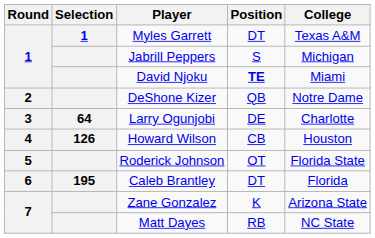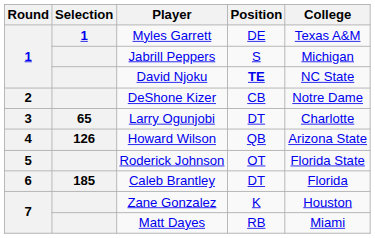 <table class="wikitable" style="text-align:center">
 <tr>
 <th>Round</th>
 <th>Selection</th>
 <th>Player</th>
 <th>Position</th>
 <th>College</th>
 </tr>
 <tr>
 <th rowspan=3><a href='#'>1</a></th>
 <th><a href='#'>1</a></th>
 <td><a href='#'>Myles Garrett</a></td>
-<td><a href='#'>DT</a></td>
+<td><a href='#'>DE</a></td>
 <td><a href='#'>Texas A&M</a></td>
 </tr>
 <tr>
 <th></th>
 <td><a href='#'>Jabrill Peppers</a></td>
 <td><a href='#'>S</a></td>
 <td><a href='#'>Michigan</a></td>
 </tr>
 <tr>
 <th></th>
 <td><a href='#'>David Njoku</a></td>
 <td><strong><a href='#'>TE</a></strong></td>
-<td><a href='#'>Miami</a></td>
+<td><a href='#'>NC State</a></td>
 </tr>
 <tr>
 <th>2</th>
 <th></th>
 <td><a href='#'>DeShone Kizer</a></td>
-<td><a href='#'>QB</a></td>
+<td><a href='#'>CB</a></td>
 <td><a href='#'>Notre Dame</a></td>
 </tr>
 <tr>
 <th>3</th>
-<th>64</th>
+<th>65</th>
 <td><a href='#'>Larry Ogunjobi</a></td>
-<td><a href='#'>DE</a></td>
+<td><a href='#'>DT</a></td>
 <td><a href='#'>Charlotte</a></td>
 </tr>
 <tr>
 <th>4</th>
 <th>126</th>
 <td><a href='#'>Howard Wilson</a></td>
-<td><a href='#'>CB</a></td>
-<td><a href='#'>Houston</a></td>
+<td><a href='#'>QB</a></td>
+<td><a href='#'>Arizona State</a></td>
 </tr>
 <tr>
 <th>5</th>
 <th></th>
 <td><a href='#'>Roderick Johnson</a></td>
 <td><a href='#'>OT</a></td>
 <td><a href='#'>Florida State</a></td>
 </tr>
 <tr>
 <th>6</th>
-<th>195</th>
+<th>185</th>
 <td><a href='#'>Caleb Brantley</a></td>
 <td><a href='#'>DT</a></td>
 <td><a href='#'>Florida</a></td>
 </tr>
 <tr>
 <th rowspan=2>7</th>
 <th></th>
 <td><a href='#'>Zane Gonzalez</a></td>
 <td><a href='#'>K</a></td>
-<td><a href='#'>Arizona State</a></td>
+<td><a href='#'>Houston</a></td>
 </tr>
 <tr>
 <th></th>
 <td><a href='#'>Matt Dayes</a></td>
 <td><a href='#'>RB</a></td>
-<td><a href='#'>NC State</a></td>
+<td><a href='#'>Miami</a></td>
 </tr>
 </table>
